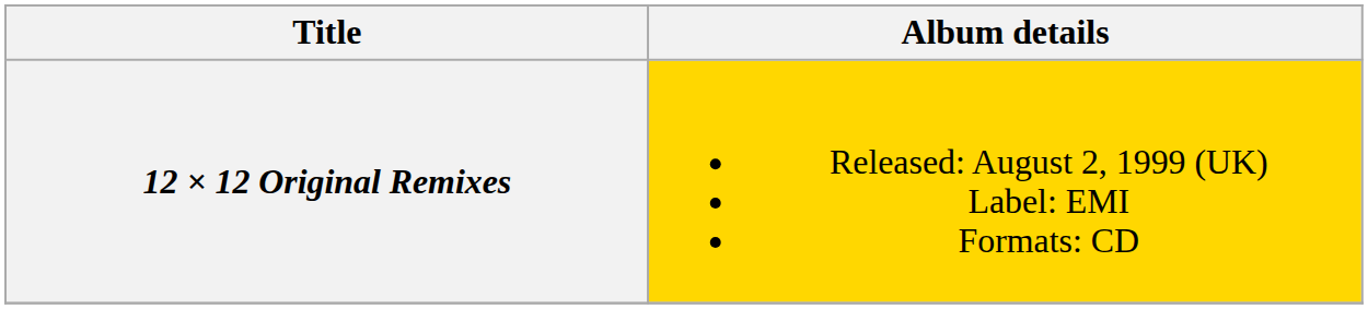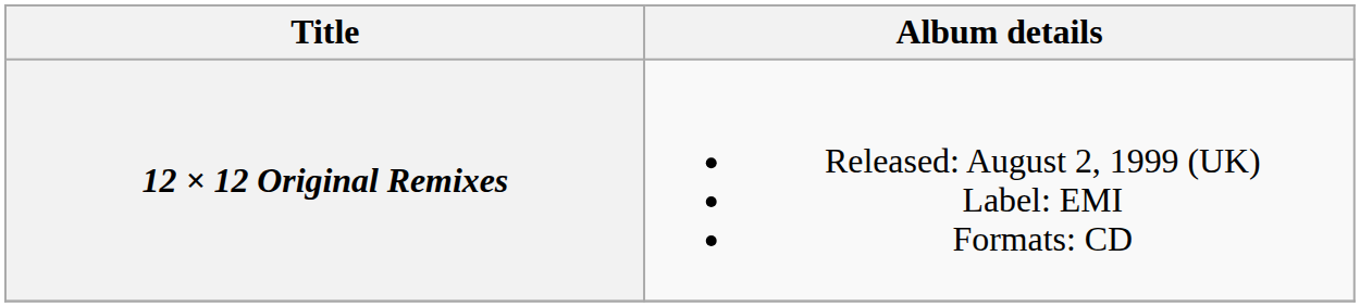 <table class="wikitable plainrowheaders" style="text-align:center;">
 <tr>
 <th scope="col" style="width:18em;">Title</th>
 <th scope="col" style="width:20em;">Album details</th>
 </tr>
 <tr>
 <th scope="row"><em>12 × 12 Original Remixes</em></th>
-<td style="background: gold;"><br><ul><li>Released: August 2, 1999 <span>(UK)</span></li><li>Label: EMI</li><li>Formats: CD</li></ul></td>
+<td><br><ul><li>Released: August 2, 1999 <span>(UK)</span></li><li>Label: EMI</li><li>Formats: CD</li></ul></td>
 </tr>
 <tr>
 </tr>
 </table>
